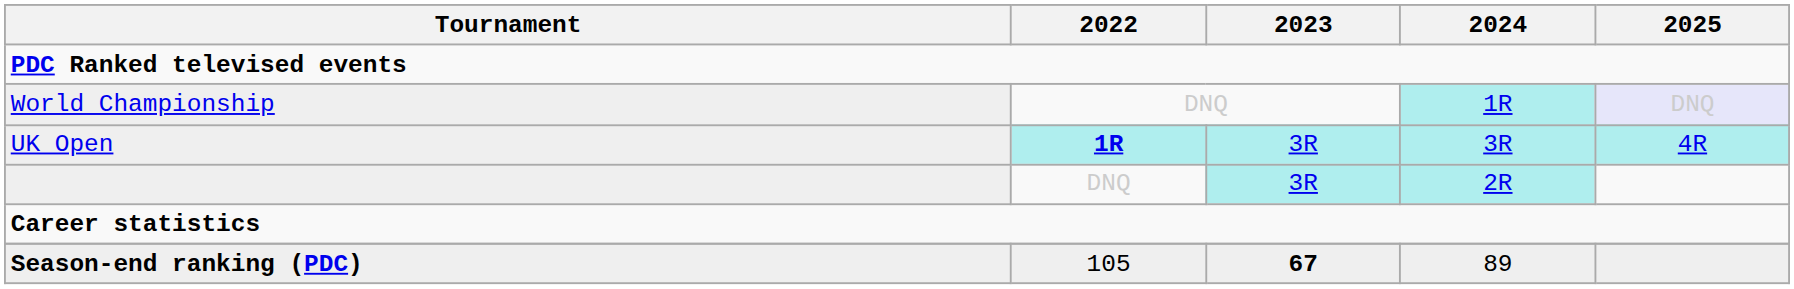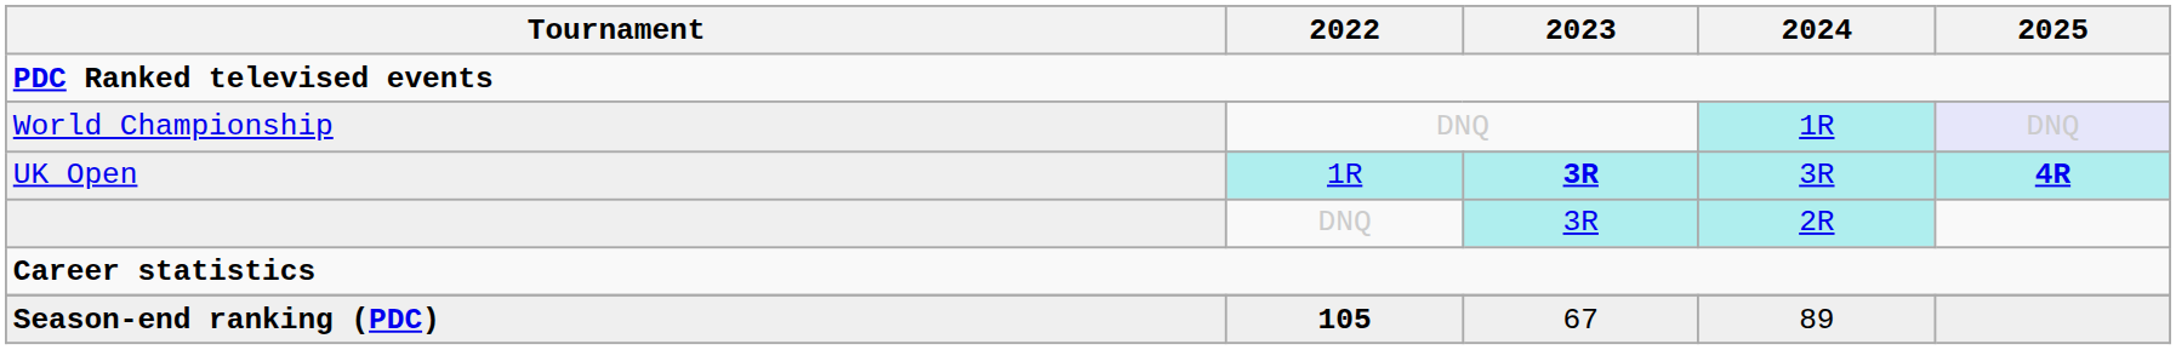 <table class="wikitable" style="width:60%; margin:0">
 <tr>
 <th>Tournament</th>
 <th>2022</th>
 <th>2023</th>
 <th>2024</th>
 <th>2025</th>
 </tr>
 <tr>
 <td colspan="9" align="left"><strong><a href='#'>PDC</a> Ranked televised events</strong></td>
 </tr>
 <tr>
 <td style="background:#efefef;"><a href='#'>World Championship</a></td>
 <td colspan="2" style="text-align:center; color:#ccc;">DNQ</td>
 <td style="text-align:center; background:#afeeee;"><a href='#'>1R</a></td>
 <td style="background: lavender; text-align:center; color:#ccc;">DNQ</td>
 </tr>
 <tr>
 <td style="background:#efefef;"><a href='#'>UK Open</a></td>
-<td style="text-align:center; background:#afeeee;"><strong><a href='#'>1R</a></strong></td>
+<td style="text-align:center; background:#afeeee;"><a href='#'>1R</a></td>
+<td style="text-align:center; background:#afeeee;"><strong><a href='#'>3R</a></strong></td>
 <td style="text-align:center; background:#afeeee;"><a href='#'>3R</a></td>
-<td style="text-align:center; background:#afeeee;"><a href='#'>3R</a></td>
-<td style="text-align:center; background:#afeeee;"><a href='#'>4R</a></td>
+<td style="text-align:center; background:#afeeee;"><strong><a href='#'>4R</a></strong></td>
 </tr>
 <tr>
 <td style="background:#efefef;"></td>
 <td style="text-align:center; color:#ccc;">DNQ</td>
 <td style="text-align:center; background:#afeeee;"><a href='#'>3R</a></td>
 <td style="text-align:center; background:#afeeee;"><a href='#'>2R</a></td>
 <td></td>
 </tr>
 <tr>
 <td colspan="9" align="left"><strong>Career statistics</strong></td>
 </tr>
 <tr>
 </tr>
 <tr bgcolor="efefef">
 <td align="left"><strong>Season-end ranking (<a href='#'>PDC</a>)</strong></td>
-<td style="text-align:center;">105</td>
-<td style="text-align:center;"><strong>67</strong></td>
+<td style="text-align:center;"><strong>105</strong></td>
+<td style="text-align:center;">67</td>
 <td style="text-align:center;">89</td>
 <td></td>
 </tr>
 </table>
